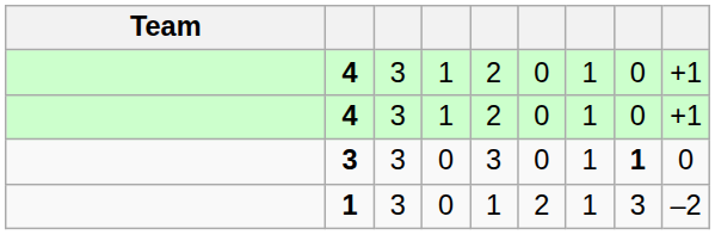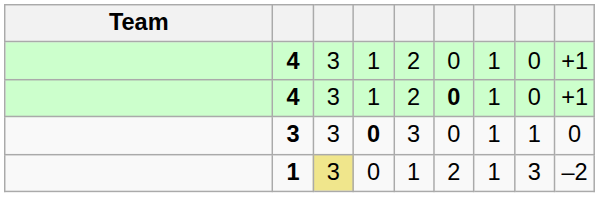 <table class="wikitable" style="text-align:center">
 <tr>
 <th width="175">Team</th>
 <th width="20"></th>
 <th width="20"></th>
 <th width="20"></th>
 <th width="20"></th>
 <th width="20"></th>
 <th width="20"></th>
 <th width="20"></th>
 <th width="20"></th>
 </tr>
 <tr bgcolor=#CCFFCC>
 <td align=left></td>
 <td><strong>4</strong></td>
 <td>3</td>
 <td>1</td>
 <td>2</td>
 <td>0</td>
 <td>1</td>
 <td>0</td>
 <td>+1</td>
 </tr>
 <tr bgcolor=#CCFFCC>
 <td align=left></td>
 <td><strong>4</strong></td>
 <td>3</td>
 <td>1</td>
 <td>2</td>
-<td>0</td>
+<td><strong>0</strong></td>
 <td>1</td>
 <td>0</td>
 <td>+1</td>
 </tr>
 <tr>
 <td align=left></td>
 <td><strong>3</strong></td>
 <td>3</td>
-<td>0</td>
+<td><strong>0</strong></td>
 <td>3</td>
 <td>0</td>
 <td>1</td>
-<td><strong>1</strong></td>
+<td>1</td>
 <td>0</td>
 </tr>
 <tr>
 <td align=left></td>
 <td><strong>1</strong></td>
-<td>3</td>
+<td style="background: khaki;">3</td>
 <td>0</td>
 <td>1</td>
 <td>2</td>
 <td>1</td>
 <td>3</td>
 <td>–2</td>
 </tr>
 </table>
